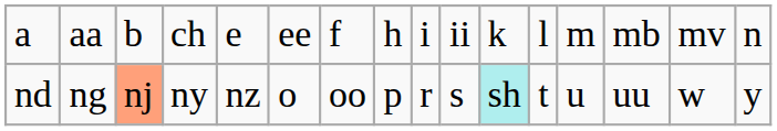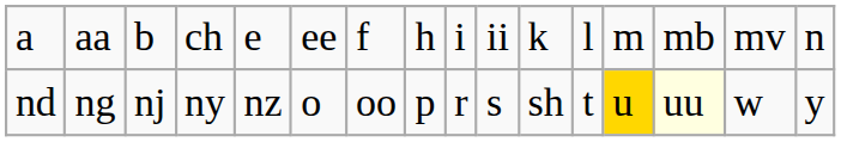 <table class="wikitable">
 <tr>
 <td>a</td>
 <td>aa</td>
 <td>b</td>
 <td>ch</td>
 <td>e</td>
 <td>ee</td>
 <td>f</td>
 <td>h</td>
 <td>i</td>
 <td>ii</td>
 <td>k</td>
 <td>l</td>
 <td>m</td>
 <td>mb</td>
 <td>mv</td>
 <td>n</td>
 </tr>
 <tr>
 <td>nd</td>
 <td>ng</td>
-<td style="background: lightsalmon;">nj</td>
+<td>nj</td>
 <td>ny</td>
 <td>nz</td>
 <td>o</td>
 <td>oo</td>
 <td>p</td>
 <td>r</td>
 <td>s</td>
-<td style="background: paleturquoise;">sh</td>
+<td>sh</td>
 <td>t</td>
-<td>u</td>
-<td>uu</td>
+<td style="background: gold;">u</td>
+<td style="background: lightyellow;">uu</td>
 <td>w</td>
 <td>y</td>
 </tr>
 </table>
